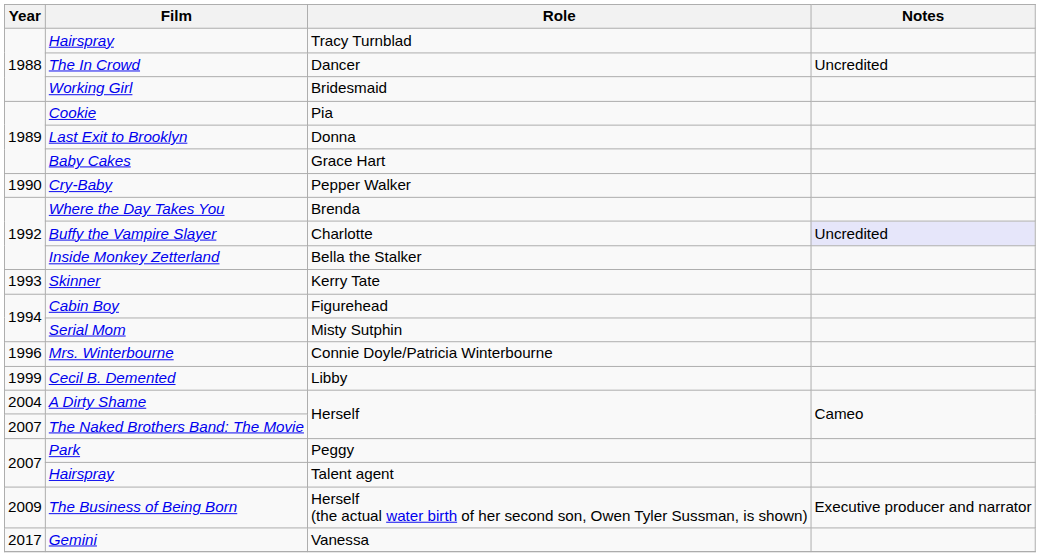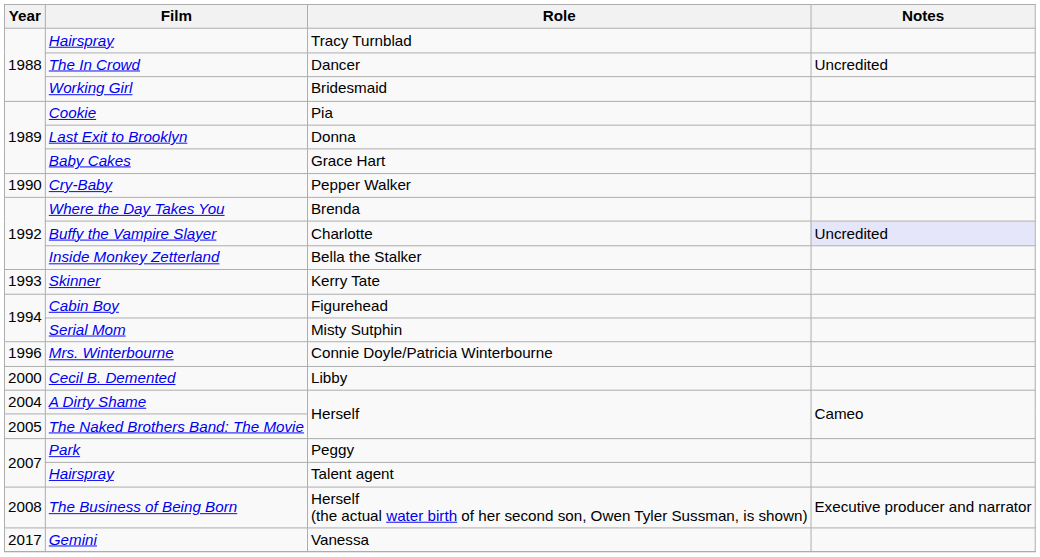 <table class="wikitable">
 <tr>
 <th>Year</th>
 <th>Film</th>
 <th>Role</th>
 <th>Notes</th>
 </tr>
 <tr>
 <td rowspan=3>1988</td>
 <td><em><a href='#'>Hairspray</a></em></td>
 <td>Tracy Turnblad</td>
 <td></td>
 </tr>
 <tr>
 <td><em><a href='#'>The In Crowd</a></em></td>
 <td>Dancer</td>
 <td>Uncredited</td>
 </tr>
 <tr>
 <td><em><a href='#'>Working Girl</a></em></td>
 <td>Bridesmaid</td>
 <td></td>
 </tr>
 <tr>
 <td rowspan=3>1989</td>
 <td><em><a href='#'>Cookie</a></em></td>
 <td>Pia</td>
 <td></td>
 </tr>
 <tr>
 <td><em><a href='#'>Last Exit to Brooklyn</a></em></td>
 <td>Donna</td>
 <td></td>
 </tr>
 <tr>
 <td><em><a href='#'>Baby Cakes</a></em></td>
 <td>Grace Hart</td>
 <td></td>
 </tr>
 <tr>
 <td>1990</td>
 <td><em><a href='#'>Cry-Baby</a></em></td>
 <td>Pepper Walker</td>
 <td></td>
 </tr>
 <tr>
 <td rowspan=3>1992</td>
 <td><em><a href='#'>Where the Day Takes You</a></em></td>
 <td>Brenda</td>
 <td></td>
 </tr>
 <tr>
 <td><em><a href='#'>Buffy the Vampire Slayer</a></em></td>
 <td>Charlotte</td>
 <td style="background: lavender;">Uncredited</td>
 </tr>
 <tr>
 <td><em><a href='#'>Inside Monkey Zetterland</a></em></td>
 <td>Bella the Stalker</td>
 <td></td>
 </tr>
 <tr>
 <td>1993</td>
 <td><em><a href='#'>Skinner</a></em></td>
 <td>Kerry Tate</td>
 <td></td>
 </tr>
 <tr>
 <td rowspan=2>1994</td>
 <td><em><a href='#'>Cabin Boy</a></em></td>
 <td>Figurehead</td>
 <td></td>
 </tr>
 <tr>
 <td><em><a href='#'>Serial Mom</a></em></td>
 <td>Misty Sutphin</td>
 <td></td>
 </tr>
 <tr>
 <td>1996</td>
 <td><em><a href='#'>Mrs. Winterbourne</a></em></td>
 <td>Connie Doyle/Patricia Winterbourne</td>
 <td></td>
 </tr>
 <tr>
-<td>1999</td>
+<td>2000</td>
 <td><em><a href='#'>Cecil B. Demented</a></em></td>
 <td>Libby</td>
 <td></td>
 </tr>
 <tr>
 <td>2004</td>
 <td><em><a href='#'>A Dirty Shame</a></em></td>
 <td rowspan=2>Herself</td>
 <td rowspan=2>Cameo</td>
 </tr>
 <tr>
-<td>2007</td>
+<td>2005</td>
 <td><em><a href='#'>The Naked Brothers Band: The Movie</a></em></td>
 </tr>
 <tr>
 <td rowspan=2>2007</td>
 <td><em><a href='#'>Park</a></em></td>
 <td>Peggy</td>
 <td></td>
 </tr>
 <tr>
 <td><em><a href='#'>Hairspray</a></em></td>
 <td>Talent agent</td>
 <td></td>
 </tr>
 <tr>
-<td>2009</td>
+<td>2008</td>
 <td><em><a href='#'>The Business of Being Born</a></em></td>
 <td>Herself<br>(the actual <a href='#'>water birth</a> of her second son, Owen Tyler Sussman, is shown)</td>
 <td>Executive producer and narrator</td>
 </tr>
 <tr>
 <td>2017</td>
 <td><em><a href='#'>Gemini</a></em></td>
 <td>Vanessa</td>
 <td></td>
 </tr>
 <tr>
 </tr>
 </table>
